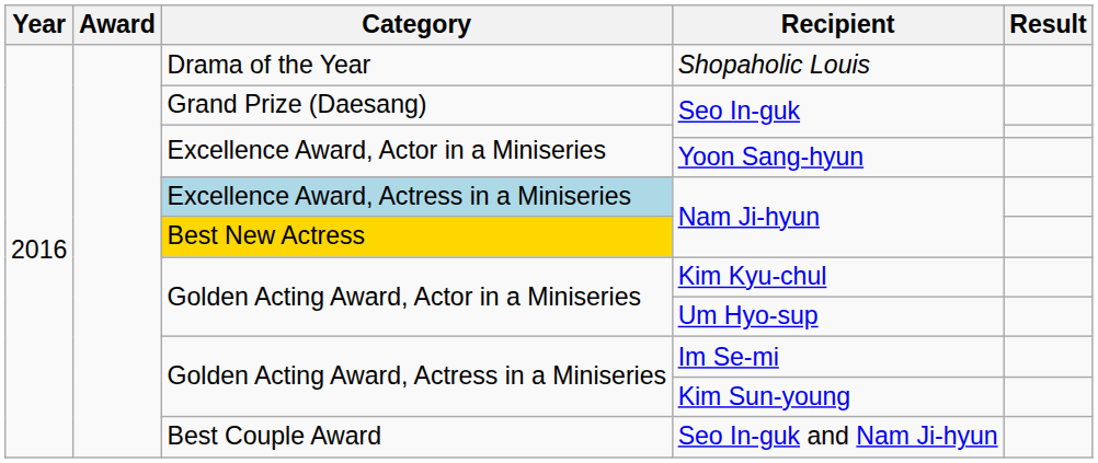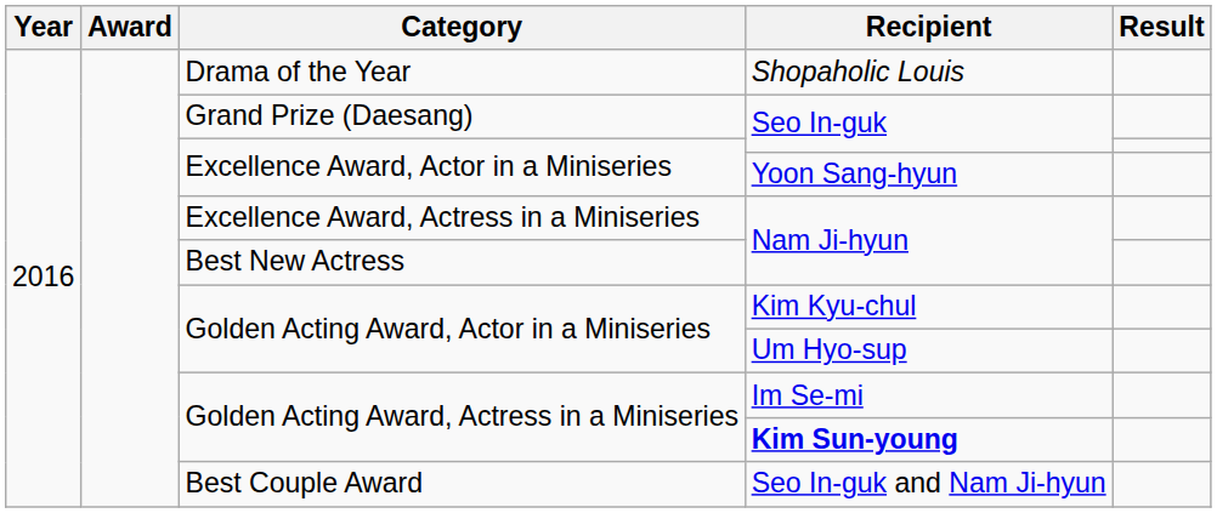 <table class="wikitable">
 <tr>
 <th>Year</th>
 <th>Award</th>
 <th>Category</th>
 <th>Recipient</th>
 <th>Result</th>
 </tr>
 <tr>
 <td rowspan="11">2016</td>
 <td rowspan="11"></td>
 <td>Drama of the Year</td>
 <td><em>Shopaholic Louis</em></td>
 <td></td>
 </tr>
 <tr>
 <td>Grand Prize (Daesang)</td>
 <td rowspan="2"><a href='#'>Seo In-guk</a></td>
 <td></td>
 </tr>
 <tr>
 <td rowspan="2">Excellence Award, Actor in a Miniseries</td>
 <td></td>
 </tr>
 <tr>
 <td><a href='#'>Yoon Sang-hyun</a></td>
 <td></td>
 </tr>
 <tr>
-<td style="background: lightblue;">Excellence Award, Actress in a Miniseries</td>
+<td>Excellence Award, Actress in a Miniseries</td>
 <td rowspan="2"><a href='#'>Nam Ji-hyun</a></td>
 <td></td>
 </tr>
 <tr>
-<td style="background: gold;">Best New Actress</td>
+<td>Best New Actress</td>
 <td></td>
 </tr>
 <tr>
 <td rowspan="2">Golden Acting Award, Actor in a Miniseries</td>
 <td><a href='#'>Kim Kyu-chul</a></td>
 <td></td>
 </tr>
 <tr>
 <td><a href='#'>Um Hyo-sup</a></td>
 <td></td>
 </tr>
 <tr>
 <td rowspan="2">Golden Acting Award, Actress in a Miniseries</td>
 <td><a href='#'>Im Se-mi</a></td>
 <td></td>
 </tr>
 <tr>
-<td><a href='#'>Kim Sun-young</a></td>
+<td><strong><a href='#'>Kim Sun-young</a></strong></td>
 <td></td>
 </tr>
 <tr>
 <td>Best Couple Award</td>
 <td><a href='#'>Seo In-guk</a> and <a href='#'>Nam Ji-hyun</a></td>
 <td></td>
 </tr>
 </table>
